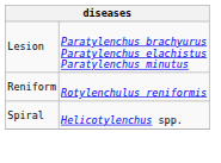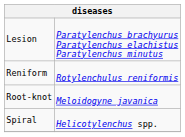 <table class="wikitable" style="clear">
 <tr>
 <th colspan=2><strong> diseases</strong><br></th>
 </tr>
 <tr>
 <td>Lesion</td>
 <td><br><em><a href='#'>Paratylenchus brachyurus</a></em><br> <em><a href='#'>Paratylenchus elachistus</a></em> <br>  <em><a href='#'>Paratylenchus minutus</a></em></td>
 </tr>
 <tr>
 <td>Reniform</td>
 <td><br><em><a href='#'>Rotylenchulus reniformis</a></em></td>
 </tr>
 <tr>
+<td>Root-knot</td>
+<td><br><em><a href='#'>Meloidogyne javanica</a></em></td>
+</tr>
+<tr>
 <td>Spiral</td>
 <td><br><em><a href='#'>Helicotylenchus</a></em> spp.</td>
 </tr>
 <tr>
 </tr>
 </table>
